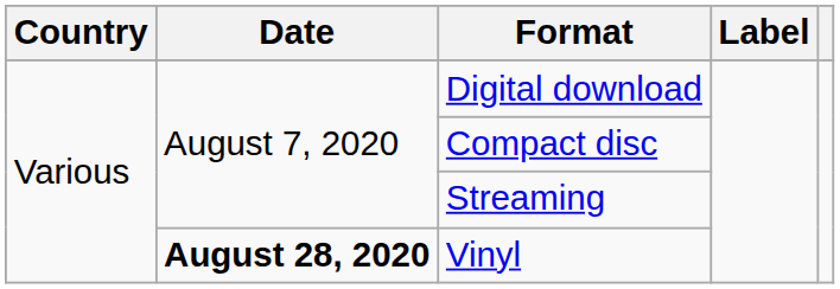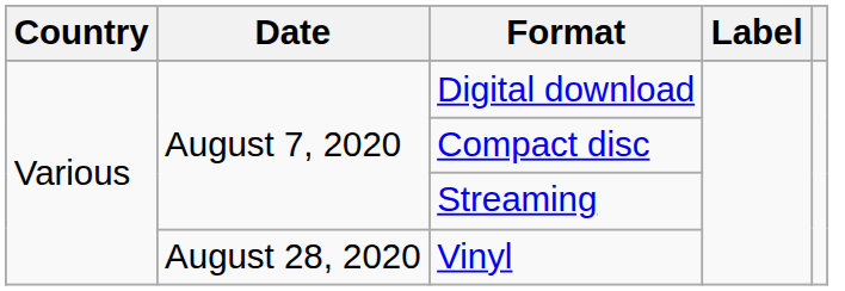 <table class="wikitable">
 <tr>
 <th>Country</th>
 <th>Date</th>
 <th>Format</th>
 <th>Label</th>
 <th></th>
 </tr>
 <tr>
 <td rowspan="4">Various</td>
 <td rowspan="3">August 7, 2020</td>
 <td><a href='#'>Digital download</a></td>
 <td rowspan="4"></td>
 <td rowspan="4"></td>
 </tr>
 <tr>
 <td><a href='#'>Compact disc</a></td>
 </tr>
 <tr>
 <td><a href='#'>Streaming</a></td>
 </tr>
 <tr>
-<td><strong>August 28, 2020</strong></td>
+<td>August 28, 2020</td>
 <td><a href='#'>Vinyl</a></td>
 </tr>
 </table>
